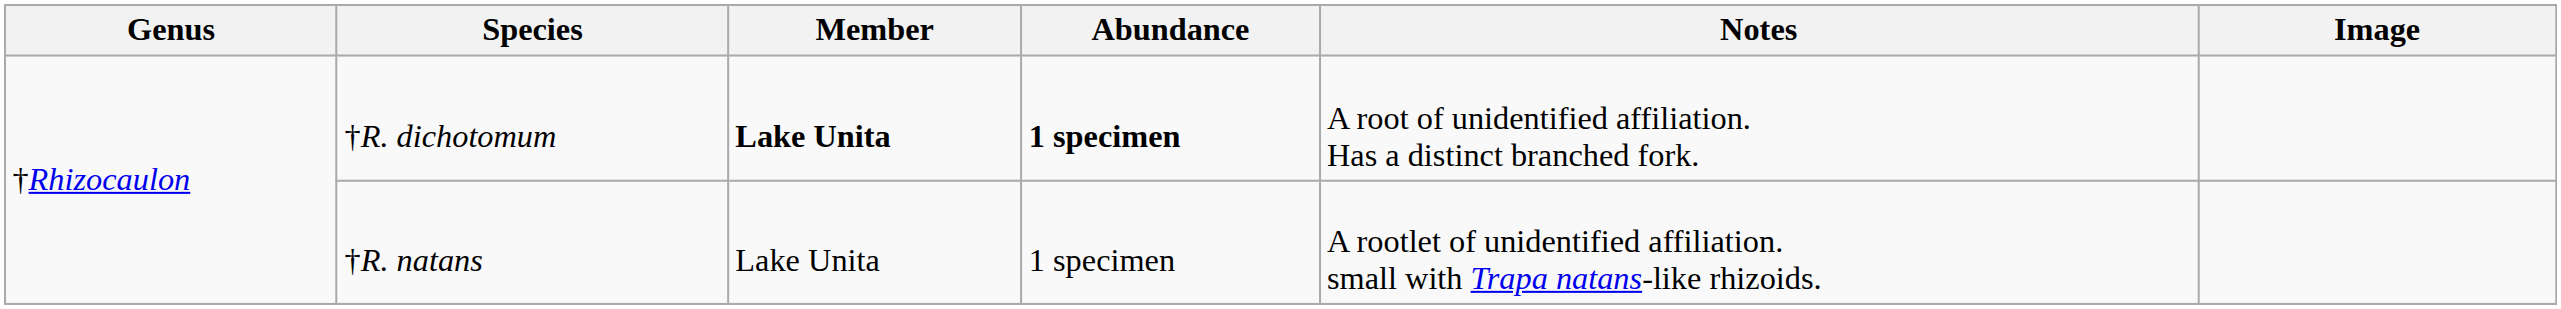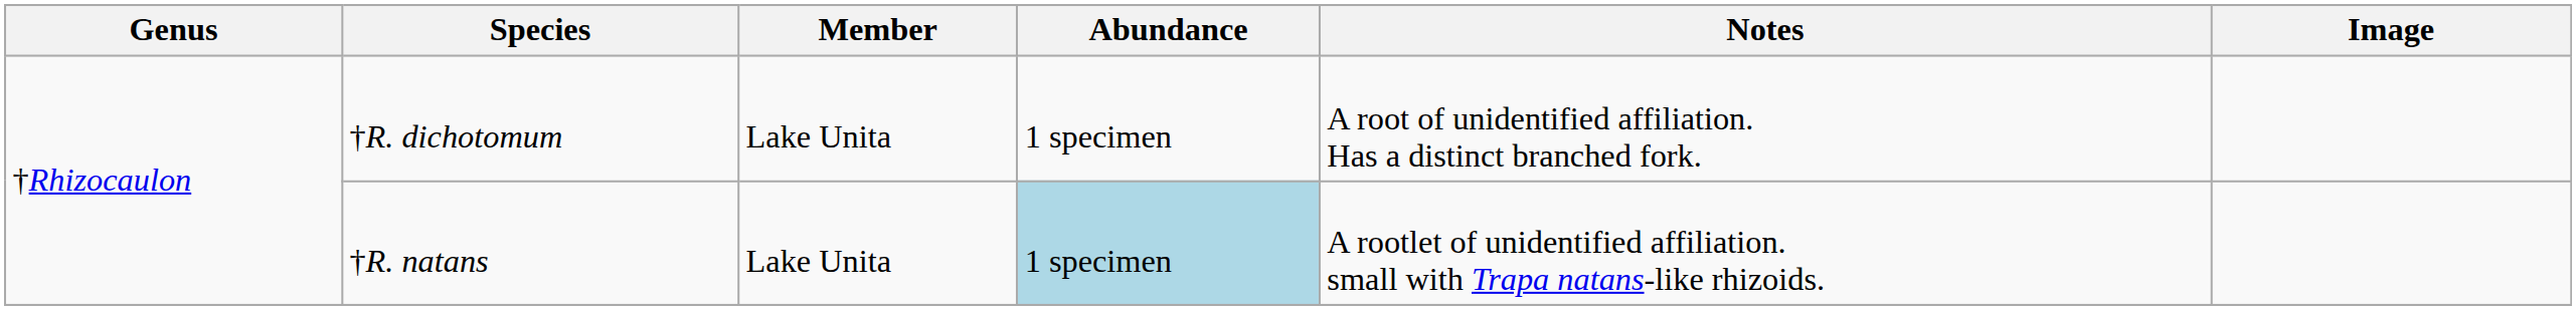 <table class="wikitable" style="margin:auto;width:100%;">
 <tr>
 <th>Genus</th>
 <th>Species</th>
 <th>Member</th>
 <th>Abundance</th>
 <th>Notes</th>
 <th width=170px>Image</th>
 </tr>
 <tr>
 <td rowspan=2>†<em><a href='#'>Rhizocaulon</a></em></td>
 <td><br>†<em>R. dichotomum</em> </td>
-<td><strong><br>Lake Unita</strong></td>
-<td><strong><br>1 specimen</strong></td>
+<td><br>Lake Unita</td>
+<td><br>1 specimen</td>
 <td><br>A root of unidentified affiliation.<br>Has a distinct branched fork.</td>
 <td></td>
 </tr>
 <tr>
 <td><br>†<em>R. natans</em> </td>
 <td><br>Lake Unita</td>
-<td><br>1 specimen</td>
+<td style="background: lightblue;"><br>1 specimen</td>
 <td><br>A rootlet of unidentified affiliation.<br> small with <em><a href='#'>Trapa natans</a></em>-like rhizoids.</td>
 <td></td>
 </tr>
 <tr>
 </tr>
 </table>
